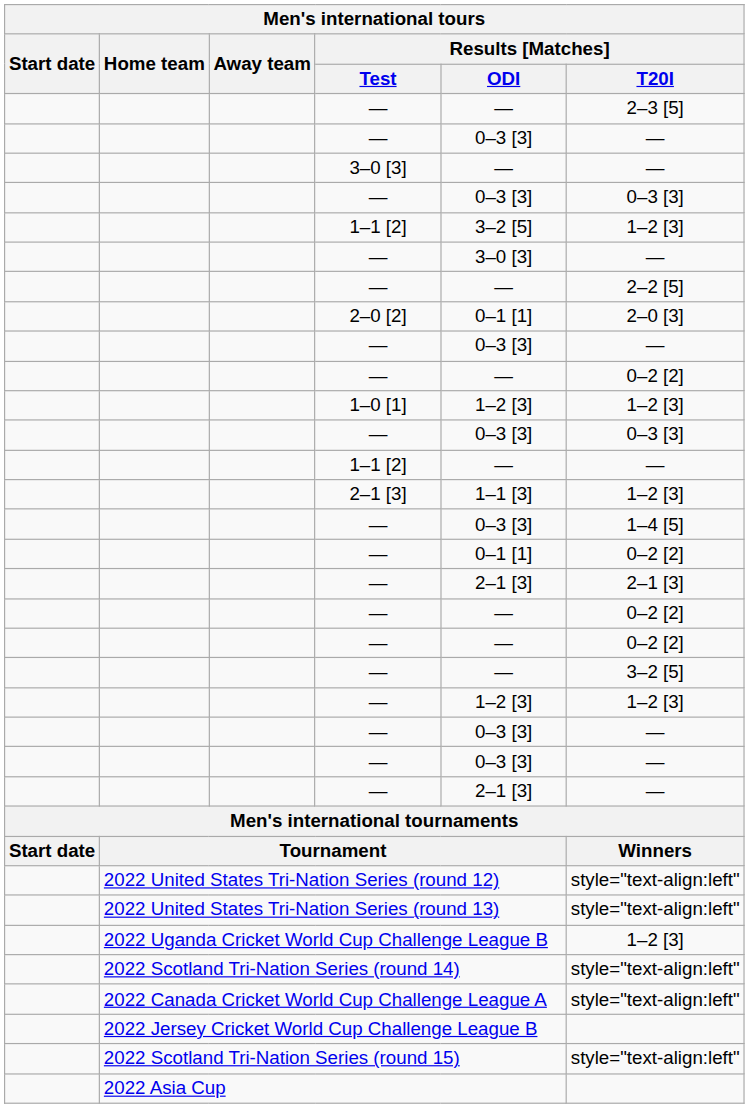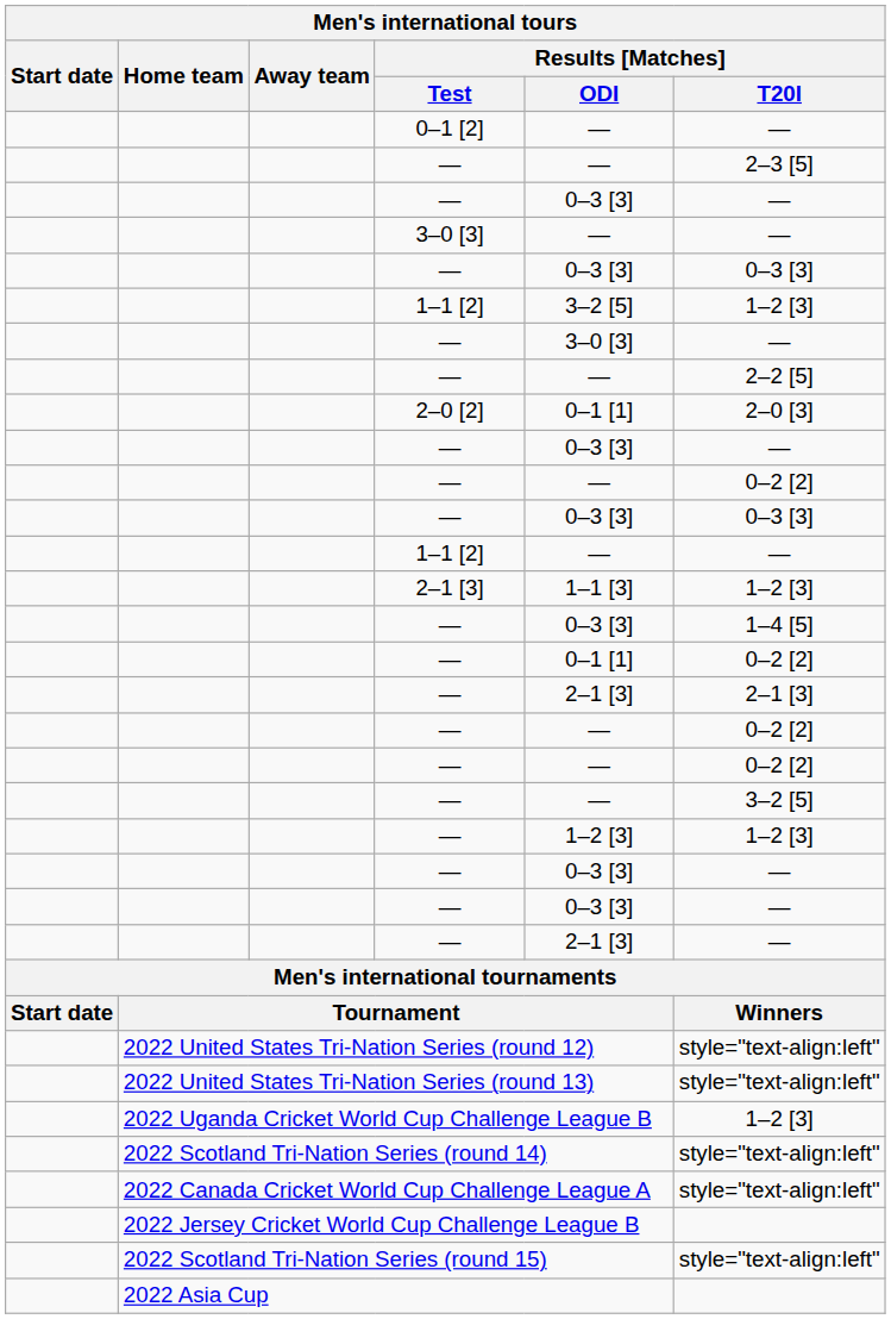 <table class="wikitable ubsortable" style="text-align:center; white-space:nowrap">
 <tr>
 <th colspan=6>Men's international tours</th>
 </tr>
 <tr>
 <th rowspan=2>Start date</th>
 <th rowspan=2>Home team</th>
 <th rowspan=2>Away team</th>
 <th colspan=3>Results [Matches]</th>
 </tr>
 <tr>
 <th width=100><a href='#'>Test</a></th>
 <th width=100><a href='#'>ODI</a></th>
 <th width=100><a href='#'>T20I</a></th>
+</tr>
+<tr>
+<td style="text-align:left"><a href='#'></a></td>
+<td style="text-align:left"></td>
+<td style="text-align:left"></td>
+<td>0–1 [2]</td>
+<td>—</td>
+<td>—</td>
 </tr>
 <tr>
 <td style="text-align:left"><a href='#'></a></td>
 <td style="text-align:left"></td>
 <td style="text-align:left"></td>
 <td>—</td>
 <td>—</td>
 <td>2–3 [5]</td>
 </tr>
 <tr>
 <td style="text-align:left"><a href='#'></a></td>
 <td style="text-align:left"></td>
 <td style="text-align:left"></td>
 <td>—</td>
 <td>0–3 [3]</td>
 <td>—</td>
 </tr>
 <tr>
 <td style="text-align:left"><a href='#'></a></td>
 <td style="text-align:left"></td>
 <td style="text-align:left"></td>
 <td>3–0 [3]</td>
 <td>—</td>
 <td>—</td>
 </tr>
 <tr>
 <td style="text-align:left"><a href='#'></a></td>
 <td style="text-align:left"></td>
 <td style="text-align:left"></td>
 <td>—</td>
 <td>0–3 [3]</td>
 <td>0–3 [3]</td>
 </tr>
 <tr>
 <td style="text-align:left"><a href='#'></a></td>
 <td style="text-align:left"></td>
 <td style="text-align:left"></td>
 <td>1–1 [2]</td>
 <td>3–2 [5]</td>
 <td>1–2 [3]</td>
 </tr>
 <tr>
 <td style="text-align:left"><a href='#'></a></td>
 <td style="text-align:left"></td>
 <td style="text-align:left"></td>
 <td>—</td>
 <td>3–0 [3]</td>
 <td>—</td>
 </tr>
 <tr>
 <td style="text-align:left"><a href='#'></a></td>
 <td style="text-align:left"></td>
 <td style="text-align:left"></td>
 <td>—</td>
 <td>—</td>
 <td>2–2 [5]</td>
 </tr>
 <tr>
 <td style="text-align:left"><a href='#'></a></td>
 <td style="text-align:left"></td>
 <td style="text-align:left"></td>
 <td>2–0 [2]</td>
 <td>0–1 [1]</td>
 <td>2–0 [3]</td>
 </tr>
 <tr>
 <td style="text-align:left"><a href='#'></a></td>
 <td style="text-align:left"></td>
 <td style="text-align:left"></td>
 <td>—</td>
 <td>0–3 [3]</td>
 <td>—</td>
 </tr>
 <tr>
 <td style="text-align:left"><a href='#'></a></td>
 <td style="text-align:left"></td>
 <td style="text-align:left"></td>
 <td>—</td>
 <td>—</td>
 <td>0–2 [2]</td>
-</tr>
-<tr>
-<td style="text-align:left"><a href='#'></a></td>
-<td style="text-align:left"></td>
-<td style="text-align:left"></td>
-<td>1–0 [1]</td>
-<td>1–2 [3]</td>
-<td>1–2 [3]</td>
 </tr>
 <tr>
 <td style="text-align:left"><a href='#'></a></td>
 <td style="text-align:left"></td>
 <td style="text-align:left"></td>
 <td>—</td>
 <td>0–3 [3]</td>
 <td>0–3 [3]</td>
 </tr>
 <tr>
 <td style="text-align:left"><a href='#'></a></td>
 <td style="text-align:left"></td>
 <td style="text-align:left"></td>
 <td>1–1 [2]</td>
 <td>—</td>
 <td>—</td>
 </tr>
 <tr>
 <td style="text-align:left"><a href='#'></a></td>
 <td style="text-align:left"></td>
 <td style="text-align:left"></td>
 <td>2–1 [3]</td>
 <td>1–1 [3]</td>
 <td>1–2 [3]</td>
 </tr>
 <tr>
 <td style="text-align:left"><a href='#'></a></td>
 <td style="text-align:left"> </td>
 <td style="text-align:left"></td>
 <td>—</td>
 <td>0–3 [3]</td>
 <td>1–4 [5]</td>
 </tr>
 <tr>
 <td style="text-align:left"><a href='#'></a></td>
 <td style="text-align:left"></td>
 <td style="text-align:left"></td>
 <td>—</td>
 <td>0–1 [1]</td>
 <td>0–2 [2]</td>
 </tr>
 <tr>
 <td style="text-align:left"><a href='#'></a></td>
 <td style="text-align:left"></td>
 <td style="text-align:left"></td>
 <td>—</td>
 <td>2–1 [3]</td>
 <td>2–1 [3]</td>
 </tr>
 <tr>
 <td style="text-align:left"><a href='#'></a></td>
 <td style="text-align:left"> </td>
 <td style="text-align:left"></td>
 <td>—</td>
 <td>—</td>
 <td>0–2 [2]</td>
 </tr>
 <tr>
 <td style="text-align:left"><a href='#'></a></td>
 <td style="text-align:left"></td>
 <td style="text-align:left"></td>
 <td>—</td>
 <td>—</td>
 <td>0–2 [2]</td>
 </tr>
 <tr>
 <td style="text-align:left"><a href='#'></a></td>
 <td style="text-align:left"></td>
 <td style="text-align:left"></td>
 <td>—</td>
 <td>—</td>
 <td>3–2 [5]</td>
 </tr>
 <tr>
 <td style="text-align:left"><a href='#'></a></td>
 <td style="text-align:left"></td>
 <td style="text-align:left"></td>
 <td>—</td>
 <td>1–2 [3]</td>
 <td>1–2 [3]</td>
 </tr>
 <tr>
 <td style="text-align:left"><a href='#'></a></td>
 <td style="text-align:left"></td>
 <td style="text-align:left"></td>
 <td>—</td>
 <td>0–3 [3]</td>
 <td>—</td>
 </tr>
 <tr>
 <td style="text-align:left"><a href='#'></a></td>
 <td style="text-align:left"></td>
 <td style="text-align:left"></td>
 <td>—</td>
 <td>0–3 [3]</td>
 <td>—</td>
 </tr>
 <tr>
 <td style="text-align:left"><a href='#'></a></td>
 <td style="text-align:left"></td>
 <td style="text-align:left"></td>
 <td>—</td>
 <td>2–1 [3]</td>
 <td>—</td>
 </tr>
 <tr>
 <th colspan=6>Men's international tournaments</th>
 </tr>
 <tr>
 <th>Start date</th>
 <th colspan=4>Tournament</th>
 <th>Winners</th>
 </tr>
 <tr>
 <td style="text-align:left"><a href='#'></a></td>
 <td style="text-align:left" colspan=4> <a href='#'>2022 United States Tri-Nation Series (round 12)</a></td>
 <td>style="text-align:left" </td>
 </tr>
 <tr>
 <td style="text-align:left"><a href='#'></a></td>
 <td style="text-align:left" colspan=4> <a href='#'>2022 United States Tri-Nation Series (round 13)</a></td>
 <td>style="text-align:left" </td>
 </tr>
 <tr>
 <td style="text-align:left"><a href='#'></a></td>
 <td style="text-align:left" colspan=4> <a href='#'>2022 Uganda Cricket World Cup Challenge League B</a></td>
 <td>1–2 [3]</td>
 </tr>
 <tr>
 <td style="text-align:left"><a href='#'></a></td>
 <td style="text-align:left" colspan=4> <a href='#'>2022 Scotland Tri-Nation Series (round 14)</a></td>
 <td>style="text-align:left" </td>
 </tr>
 <tr>
 <td style="text-align:left"><a href='#'></a></td>
 <td style="text-align:left" colspan=4> <a href='#'>2022 Canada Cricket World Cup Challenge League A</a></td>
 <td>style="text-align:left" </td>
 </tr>
 <tr>
 <td style="text-align:left"><a href='#'></a></td>
 <td style="text-align:left" colspan=4> <a href='#'>2022 Jersey Cricket World Cup Challenge League B</a></td>
 <td></td>
 </tr>
 <tr>
 <td style="text-align:left"><a href='#'></a></td>
 <td style="text-align:left" colspan=4> <a href='#'>2022 Scotland Tri-Nation Series (round 15)</a></td>
 <td>style="text-align:left" </td>
 </tr>
 <tr>
 <td style="text-align:left"><a href='#'></a></td>
 <td style="text-align:left" colspan=4> <a href='#'>2022 Asia Cup</a></td>
 <td style="text-align:left"></td>
 </tr>
 </table>
